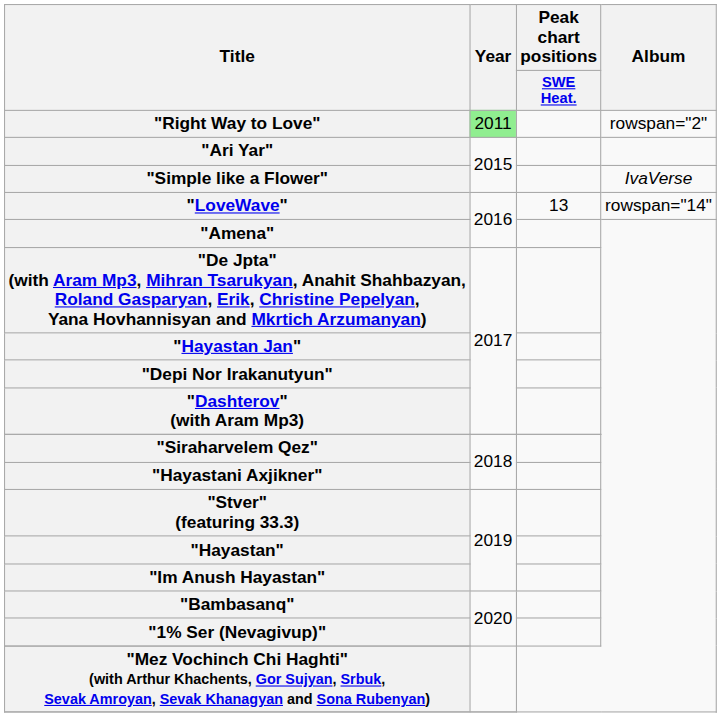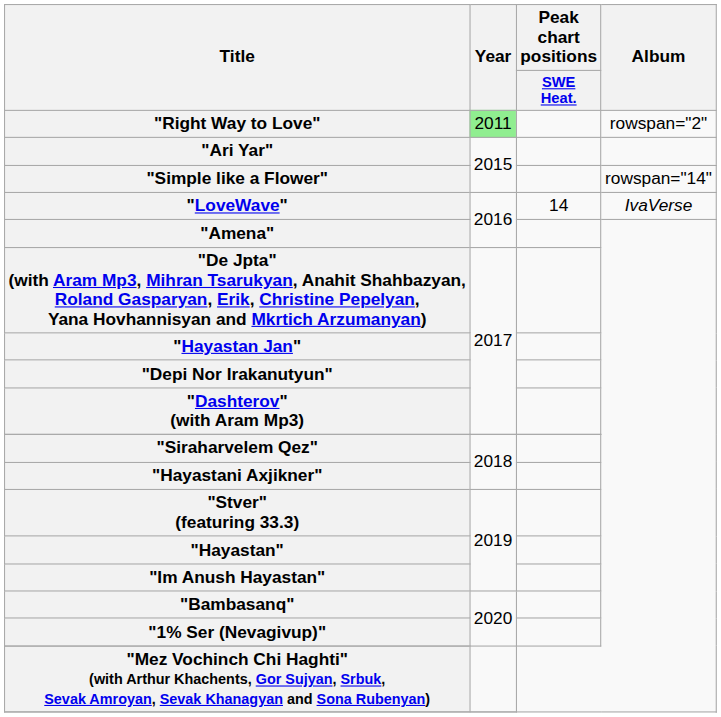 <table class="wikitable plainrowheaders" style="text-align:center;">
 <tr>
 <th scope="col" rowspan="2">Title</th>
 <th scope="col" rowspan="2">Year</th>
 <th scope="col" colspan="1">Peak chart positions</th>
 <th scope="col" rowspan="2">Album</th>
 </tr>
 <tr>
 <th style="width: 3em; font-size: 85%;"><a href='#'>SWE<br>Heat.</a><br></th>
 </tr>
 <tr>
 <th scope="row">"Right Way to Love"</th>
 <td style="background: lightgreen;">2011</td>
 <td></td>
 <td>rowspan="2" </td>
 </tr>
 <tr>
 <th scope="row">"Ari Yar"</th>
 <td rowspan="2">2015</td>
 <td></td>
 </tr>
 <tr>
 <th scope="row">"Simple like a Flower"</th>
 <td></td>
-<td><em>IvaVerse</em></td>
+<td>rowspan="14" </td>
 </tr>
 <tr>
 <th scope="row">"<a href='#'>LoveWave</a>"</th>
 <td rowspan="2">2016</td>
-<td>13</td>
-<td>rowspan="14" </td>
+<td>14</td>
+<td><em>IvaVerse</em></td>
 </tr>
 <tr>
 <th scope="row">"Amena"</th>
 <td></td>
 </tr>
 <tr>
 <th scope="row">"De Jpta"<br><span>(with <a href='#'>Aram Mp3</a>, <a href='#'>Mihran Tsarukyan</a>, Anahit Shahbazyan,<br> <a href='#'>Roland Gasparyan</a>, <a href='#'>Erik</a>, <a href='#'>Christine Pepelyan</a>, <br>Yana Hovhannisyan and <a href='#'>Mkrtich Arzumanyan</a>)</span></th>
 <td rowspan="4">2017</td>
 <td></td>
 </tr>
 <tr>
 <th scope="row">"<a href='#'>Hayastan Jan</a>"</th>
 <td></td>
 </tr>
 <tr>
 <th scope="row">"Depi Nor Irakanutyun"</th>
 <td></td>
 </tr>
 <tr>
 <th scope="row">"<a href='#'>Dashterov</a>"<br><span>(with Aram Mp3)</span></th>
 <td></td>
 </tr>
 <tr>
 </tr>
 <tr>
 <th scope="row">"Siraharvelem Qez"</th>
 <td rowspan="2">2018</td>
 <td></td>
 </tr>
 <tr>
 <th scope="row">"Hayastani Axjikner"</th>
 <td></td>
 </tr>
 <tr>
 <th scope="row">"Stver"<br><span>(featuring 33.3)</span></th>
 <td rowspan="3">2019</td>
 <td></td>
 </tr>
 <tr>
 <th scope="row">"Hayastan"</th>
 <td></td>
 </tr>
 <tr>
 <th scope="row">"Im Anush Hayastan"</th>
 <td></td>
 </tr>
 <tr>
 <th scope="row">"Bambasanq"</th>
 <td rowspan="3">2020</td>
 <td></td>
 </tr>
 <tr>
 <th scope="row">"1% Ser (Nevagivup)"</th>
 <td></td>
 </tr>
 <tr>
 </tr>
 <tr>
 <th scope="row">"Mez Vochinch Chi Haghti"<br><small>(with Arthur Khachents, <a href='#'>Gor Sujyan</a>, <a href='#'>Srbuk</a>, <br> <a href='#'>Sevak Amroyan</a>, <a href='#'>Sevak Khanagyan</a> and <a href='#'>Sona Rubenyan</a>)</small></th>
 <td></td>
 </tr>
 <tr>
 </tr>
 </table>
